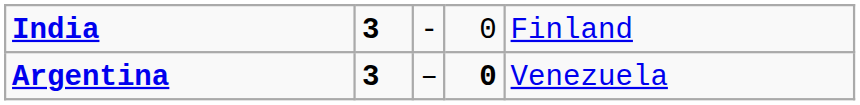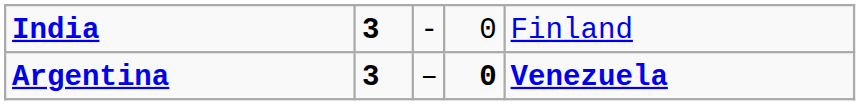 <table class="wikitable">
 <tr>
 <td width=150> <strong><a href='#'>India</a></strong></td>
 <td style="width:20px; text-align:left;"><strong>3</strong></td>
 <td>-</td>
 <td style="width:20px; text-align:right;">0</td>
 <td width=150> <a href='#'>Finland</a></td>
 </tr>
 <tr>
 <td> <strong><a href='#'>Argentina</a></strong></td>
 <td style="text-align:left;"><strong>3</strong></td>
 <td>–</td>
 <td style="text-align:right;"><strong>0</strong></td>
-<td> <a href='#'>Venezuela</a></td>
+<td><strong> <a href='#'>Venezuela</a></strong></td>
 </tr>
 </table>
